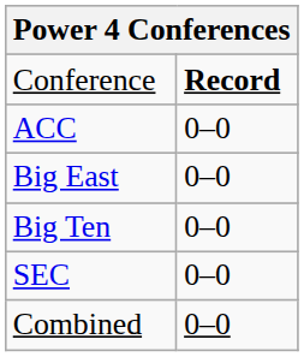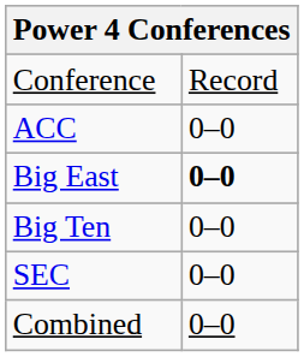 <table class="wikitable">
 <tr>
 <th colspan="2">Power 4 Conferences</th>
 </tr>
 <tr>
 <td><u>Conference</u></td>
-<td><strong><u>Record</u></strong></td>
+<td><u>Record</u></td>
 </tr>
 <tr>
 <td><a href='#'>ACC</a></td>
 <td>0–0</td>
 </tr>
 <tr>
 <td><a href='#'>Big East</a></td>
-<td>0–0</td>
+<td><strong>0–0</strong></td>
 </tr>
 <tr>
 <td><a href='#'>Big Ten</a></td>
 <td>0–0</td>
 </tr>
 <tr>
 <td><a href='#'>SEC</a></td>
 <td>0–0</td>
 </tr>
 <tr>
 <td><u>Combined</u></td>
 <td><u>0–0</u></td>
 </tr>
 </table>
